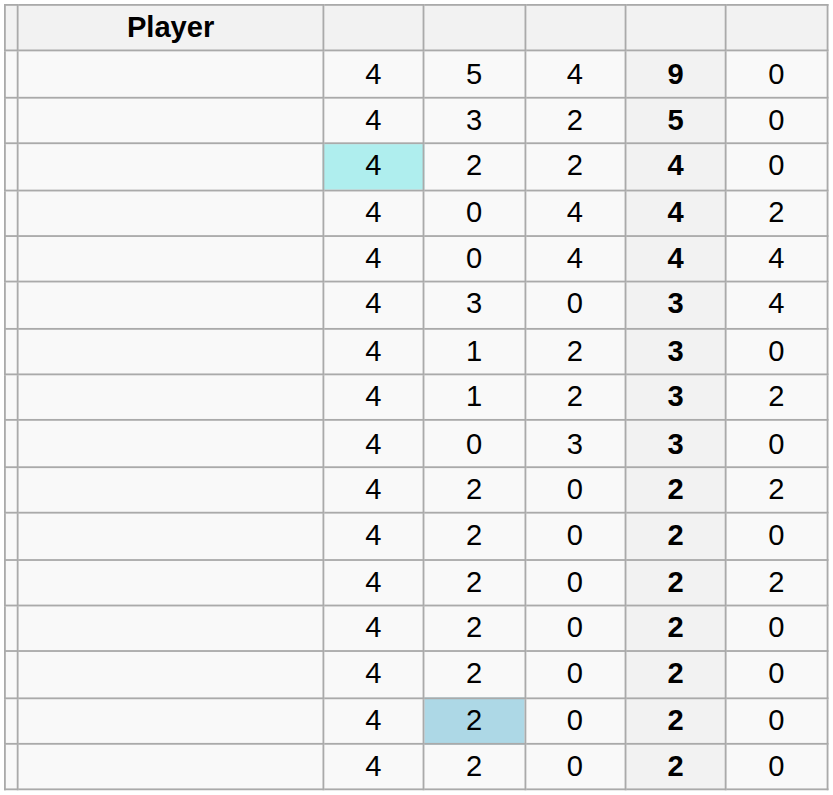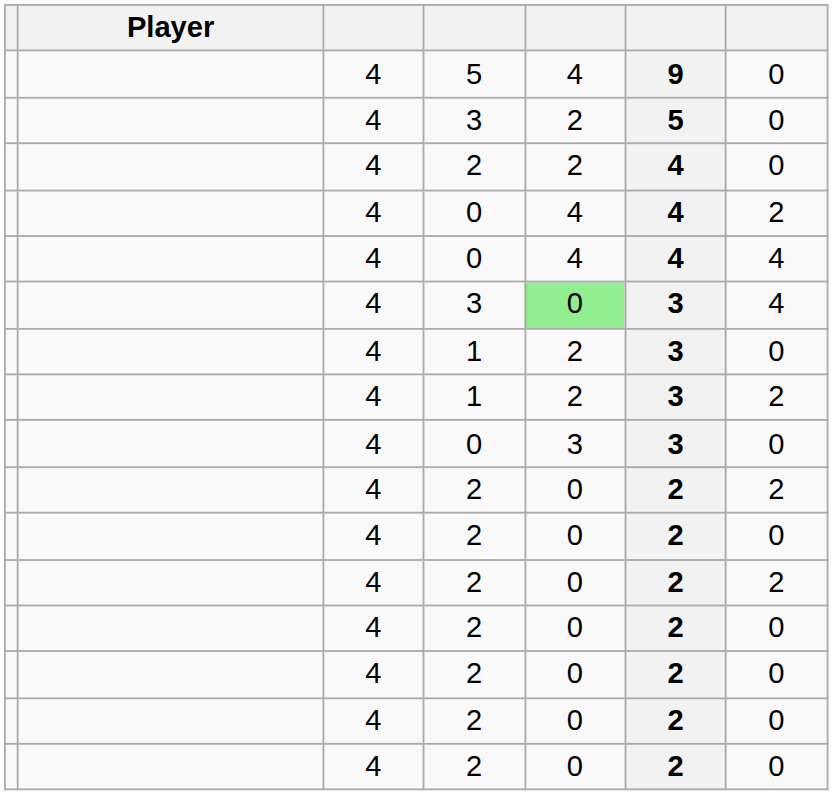 <table class="wikitable sortable" style="text-align: center">
 <tr>
 <th></th>
 <th style="width: 10em;">Player</th>
 <th style="width: 3em;"></th>
 <th style="width: 3em;"></th>
 <th style="width: 3em;"></th>
 <th style="width: 3em;"></th>
 <th style="width: 3em;"></th>
 </tr>
 <tr>
 <td></td>
 <td align="left"></td>
 <td>4</td>
 <td>5</td>
 <td>4</td>
 <th>9</th>
 <td>0</td>
 </tr>
 <tr>
 <td></td>
 <td align="left"></td>
 <td>4</td>
 <td>3</td>
 <td>2</td>
 <th>5</th>
 <td>0</td>
 </tr>
 <tr>
 <td></td>
 <td align="left"></td>
-<td style="background: paleturquoise;">4</td>
+<td>4</td>
 <td>2</td>
 <td>2</td>
 <th>4</th>
 <td>0</td>
 </tr>
 <tr>
 <td></td>
 <td align="left"></td>
 <td>4</td>
 <td>0</td>
 <td>4</td>
 <th>4</th>
 <td>2</td>
 </tr>
 <tr>
 <td></td>
 <td align="left"></td>
 <td>4</td>
 <td>0</td>
 <td>4</td>
 <th>4</th>
 <td>4</td>
 </tr>
 <tr>
 <td></td>
 <td align="left"></td>
 <td>4</td>
 <td>3</td>
-<td>0</td>
+<td style="background: lightgreen;">0</td>
 <th>3</th>
 <td>4</td>
 </tr>
 <tr>
 <td></td>
 <td align="left"></td>
 <td>4</td>
 <td>1</td>
 <td>2</td>
 <th>3</th>
 <td>0</td>
 </tr>
 <tr>
 <td></td>
 <td align="left"></td>
 <td>4</td>
 <td>1</td>
 <td>2</td>
 <th>3</th>
 <td>2</td>
 </tr>
 <tr>
 <td></td>
 <td align="left"></td>
 <td>4</td>
 <td>0</td>
 <td>3</td>
 <th>3</th>
 <td>0</td>
 </tr>
 <tr>
 <td></td>
 <td align="left"></td>
 <td>4</td>
 <td>2</td>
 <td>0</td>
 <th>2</th>
 <td>2</td>
 </tr>
 <tr>
 <td></td>
 <td align="left"></td>
 <td>4</td>
 <td>2</td>
 <td>0</td>
 <th>2</th>
 <td>0</td>
 </tr>
 <tr>
 <td></td>
 <td align="left"></td>
 <td>4</td>
 <td>2</td>
 <td>0</td>
 <th>2</th>
 <td>2</td>
 </tr>
 <tr>
 <td></td>
 <td align="left"></td>
 <td>4</td>
 <td>2</td>
 <td>0</td>
 <th>2</th>
 <td>0</td>
 </tr>
 <tr>
 <td></td>
 <td align="left"></td>
 <td>4</td>
 <td>2</td>
 <td>0</td>
 <th>2</th>
 <td>0</td>
 </tr>
 <tr>
 <td></td>
 <td align="left"></td>
 <td>4</td>
-<td style="background: lightblue;">2</td>
+<td>2</td>
 <td>0</td>
 <th>2</th>
 <td>0</td>
 </tr>
 <tr>
 <td></td>
 <td align="left"></td>
 <td>4</td>
 <td>2</td>
 <td>0</td>
 <th>2</th>
 <td>0</td>
 </tr>
 </table>
